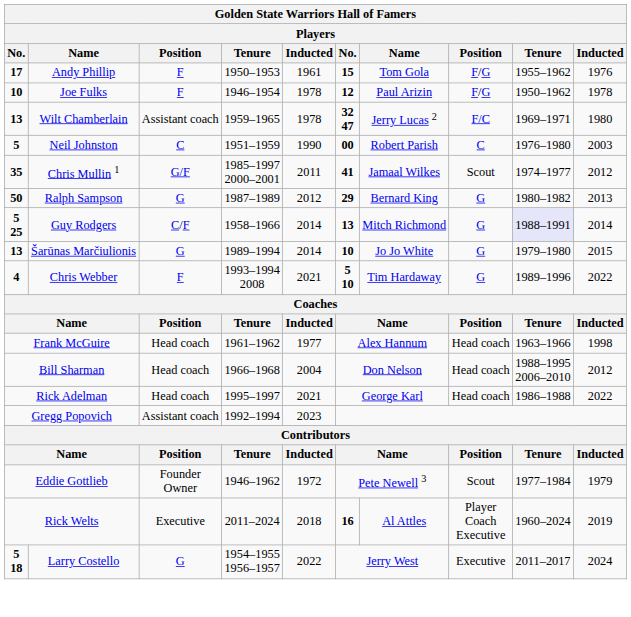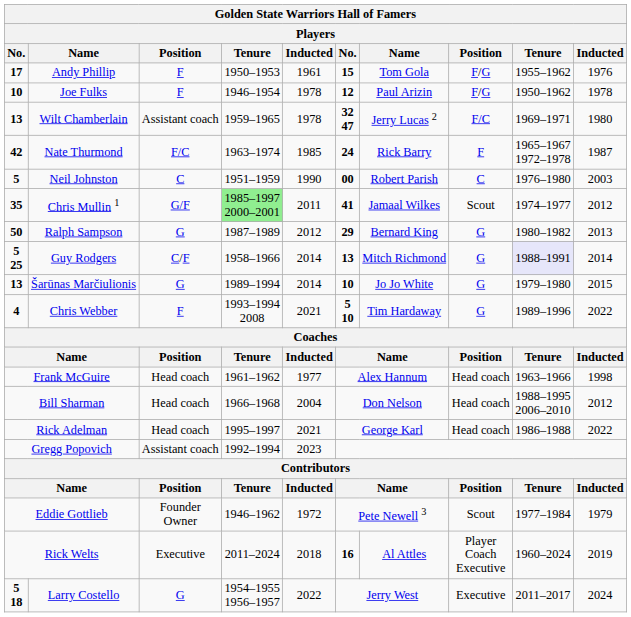 <table class="wikitable" style="text-align:center">
 <tr>
 <th colspan="10">Golden State Warriors Hall of Famers</th>
 </tr>
 <tr>
 <th colspan="10">Players</th>
 </tr>
 <tr>
 <th>No.</th>
 <th>Name</th>
 <th>Position</th>
 <th>Tenure</th>
 <th>Inducted</th>
 <th>No.</th>
 <th>Name</th>
 <th>Position</th>
 <th>Tenure</th>
 <th>Inducted</th>
 </tr>
 <tr>
 <td><strong>17</strong></td>
 <td><a href='#'>Andy Phillip</a></td>
 <td><a href='#'>F</a></td>
 <td>1950–1953</td>
 <td>1961</td>
 <td><strong>15</strong></td>
 <td><a href='#'>Tom Gola</a></td>
 <td><a href='#'>F</a>/<a href='#'>G</a></td>
 <td>1955–1962</td>
 <td>1976</td>
 </tr>
 <tr>
 <td><strong>10</strong></td>
 <td><a href='#'>Joe Fulks</a></td>
 <td><a href='#'>F</a></td>
 <td>1946–1954</td>
 <td>1978</td>
 <td><strong>12</strong></td>
 <td><a href='#'>Paul Arizin</a></td>
 <td><a href='#'>F</a>/<a href='#'>G</a></td>
 <td>1950–1962</td>
 <td>1978</td>
 </tr>
 <tr>
 <td><strong>13</strong></td>
 <td><a href='#'>Wilt Chamberlain</a></td>
 <td>Assistant coach</td>
 <td>1959–1965</td>
 <td>1978</td>
 <td><strong>32</strong><br><strong>47</strong></td>
 <td><a href='#'>Jerry Lucas</a> <sup>2</sup></td>
 <td><a href='#'>F/C</a></td>
 <td>1969–1971</td>
 <td>1980</td>
 </tr>
 <tr>
+<td><strong>42</strong></td>
+<td><a href='#'>Nate Thurmond</a></td>
+<td><a href='#'>F/C</a></td>
+<td>1963–1974</td>
+<td>1985</td>
+<td><strong>24</strong></td>
+<td><a href='#'>Rick Barry</a></td>
+<td><a href='#'>F</a></td>
+<td>1965–1967<br>1972–1978</td>
+<td>1987</td>
+</tr>
+<tr>
 <td><strong>5</strong></td>
 <td><a href='#'>Neil Johnston</a></td>
 <td><a href='#'>C</a></td>
 <td>1951–1959</td>
 <td>1990</td>
 <td><strong>00</strong></td>
 <td><a href='#'>Robert Parish</a></td>
 <td><a href='#'>C</a></td>
 <td>1976–1980</td>
 <td>2003</td>
 </tr>
 <tr>
 <td><strong>35</strong></td>
 <td><a href='#'>Chris Mullin</a> <sup>1</sup></td>
 <td><a href='#'>G/F</a></td>
-<td>1985–1997<br>2000–2001</td>
+<td style="background: lightgreen;">1985–1997<br>2000–2001</td>
 <td>2011</td>
 <td><strong>41</strong></td>
 <td><a href='#'>Jamaal Wilkes</a></td>
 <td>Scout</td>
 <td>1974–1977</td>
 <td>2012</td>
 </tr>
 <tr>
 <td><strong>50</strong></td>
 <td><a href='#'>Ralph Sampson</a></td>
 <td><a href='#'>G</a></td>
 <td>1987–1989</td>
 <td>2012</td>
 <td><strong>29</strong></td>
 <td><a href='#'>Bernard King</a></td>
 <td><a href='#'>G</a></td>
 <td>1980–1982</td>
 <td>2013</td>
 </tr>
 <tr>
 <td><strong>5</strong><br><strong>25</strong></td>
 <td><a href='#'>Guy Rodgers</a></td>
 <td><a href='#'>C</a>/<a href='#'>F</a></td>
 <td>1958–1966</td>
 <td>2014</td>
 <td><strong>13</strong></td>
 <td><a href='#'>Mitch Richmond</a></td>
 <td><a href='#'>G</a></td>
 <td style="background: lavender;">1988–1991</td>
 <td>2014</td>
 </tr>
 <tr>
 <td><strong>13</strong></td>
 <td><a href='#'>Šarūnas Marčiulionis</a></td>
 <td><a href='#'>G</a></td>
 <td>1989–1994</td>
 <td>2014</td>
 <td><strong>10</strong></td>
 <td><a href='#'>Jo Jo White</a></td>
 <td><a href='#'>G</a></td>
 <td>1979–1980</td>
 <td>2015</td>
 </tr>
 <tr>
 <td><strong>4</strong></td>
 <td><a href='#'>Chris Webber</a></td>
 <td><a href='#'>F</a></td>
 <td>1993–1994<br>2008</td>
 <td>2021</td>
 <td><strong>5</strong><br><strong>10</strong></td>
 <td><a href='#'>Tim Hardaway</a></td>
 <td><a href='#'>G</a></td>
 <td>1989–1996</td>
 <td>2022</td>
 </tr>
 <tr>
 <th colspan="10">Coaches</th>
 </tr>
 <tr>
 <th colspan="2">Name</th>
 <th>Position</th>
 <th>Tenure</th>
 <th>Inducted</th>
 <th colspan="2">Name</th>
 <th>Position</th>
 <th>Tenure</th>
 <th>Inducted</th>
 </tr>
 <tr>
 <td colspan="2"><a href='#'>Frank McGuire</a></td>
 <td>Head coach</td>
 <td>1961–1962</td>
 <td>1977</td>
 <td colspan="2"><a href='#'>Alex Hannum</a></td>
 <td>Head coach</td>
 <td>1963–1966</td>
 <td>1998</td>
 </tr>
 <tr>
 <td colspan="2"><a href='#'>Bill Sharman</a></td>
 <td>Head coach</td>
 <td>1966–1968</td>
 <td>2004</td>
 <td colspan="2"><a href='#'>Don Nelson</a></td>
 <td>Head coach</td>
 <td>1988–1995<br>2006–2010</td>
 <td>2012</td>
 </tr>
 <tr>
 <td colspan="2"><a href='#'>Rick Adelman</a></td>
 <td>Head coach</td>
 <td>1995–1997</td>
 <td>2021</td>
 <td colspan="2"><a href='#'>George Karl</a></td>
 <td>Head coach</td>
 <td>1986–1988</td>
 <td>2022</td>
 </tr>
 <tr>
 <td colspan="2"><a href='#'>Gregg Popovich</a></td>
 <td>Assistant coach</td>
 <td>1992–1994</td>
 <td>2023</td>
 </tr>
 <tr>
 <th colspan="10">Contributors</th>
 </tr>
 <tr>
 <th colspan="2">Name</th>
 <th>Position</th>
 <th>Tenure</th>
 <th>Inducted</th>
 <th colspan="2">Name</th>
 <th>Position</th>
 <th>Tenure</th>
 <th>Inducted</th>
 </tr>
 <tr>
 <td colspan="2"><a href='#'>Eddie Gottlieb</a></td>
 <td>Founder<br>Owner</td>
 <td>1946–1962</td>
 <td>1972</td>
 <td colspan="2"><a href='#'>Pete Newell</a> <sup>3</sup></td>
 <td>Scout</td>
 <td>1977–1984</td>
 <td>1979</td>
 </tr>
 <tr>
 <td colspan="2"><a href='#'>Rick Welts</a></td>
 <td>Executive</td>
 <td>2011–2024</td>
 <td>2018</td>
 <td><strong>16</strong></td>
 <td><a href='#'>Al Attles</a></td>
 <td>Player<br>Coach<br>Executive</td>
 <td>1960–2024</td>
 <td>2019</td>
 </tr>
 <tr>
 <td><strong>5</strong><br><strong>18</strong></td>
 <td><a href='#'>Larry Costello</a></td>
 <td><a href='#'>G</a></td>
 <td>1954–1955<br>1956–1957</td>
 <td>2022</td>
 <td colspan="2"><a href='#'>Jerry West</a></td>
 <td>Executive</td>
 <td>2011–2017</td>
 <td>2024</td>
 </tr>
 </table>
